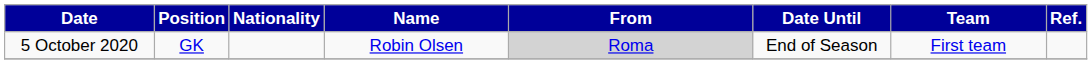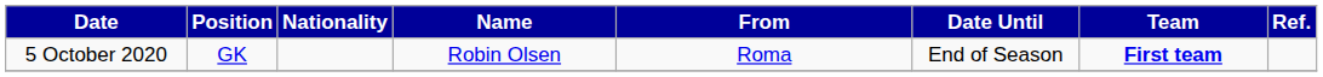 <table class="wikitable"  style="text-align:center; font-size:90%; ">
 <tr>
 <th style="background:#000099; color:#FFFFFF; width:120px;">Date</th>
 <th style="background:#000099; color:#FFFFFF; width:50px;">Position</th>
 <th style="background:#000099; color:#FFFFFF; width:50px;">Nationality</th>
 <th style="background:#000099; color:#FFFFFF; width:150px;">Name</th>
 <th style="background:#000099; color:#FFFFFF; width:200px;">From</th>
 <th style="background:#000099; color:#FFFFFF; width:110px;">Date Until</th>
 <th style="background:#000099; color:#FFFFFF; width:125px;">Team</th>
 <th style="background:#000099; color:#FFFFFF; width:25px;">Ref.</th>
 </tr>
 <tr>
 <td>5 October 2020</td>
 <td><a href='#'>GK</a></td>
 <td></td>
 <td><a href='#'>Robin Olsen</a></td>
-<td style="background: lightgrey;"> <a href='#'>Roma</a></td>
+<td> <a href='#'>Roma</a></td>
 <td>End of Season</td>
-<td><a href='#'>First team</a></td>
+<td><strong><a href='#'>First team</a></strong></td>
 <td></td>
 </tr>
 <tr>
 </tr>
 </table>
